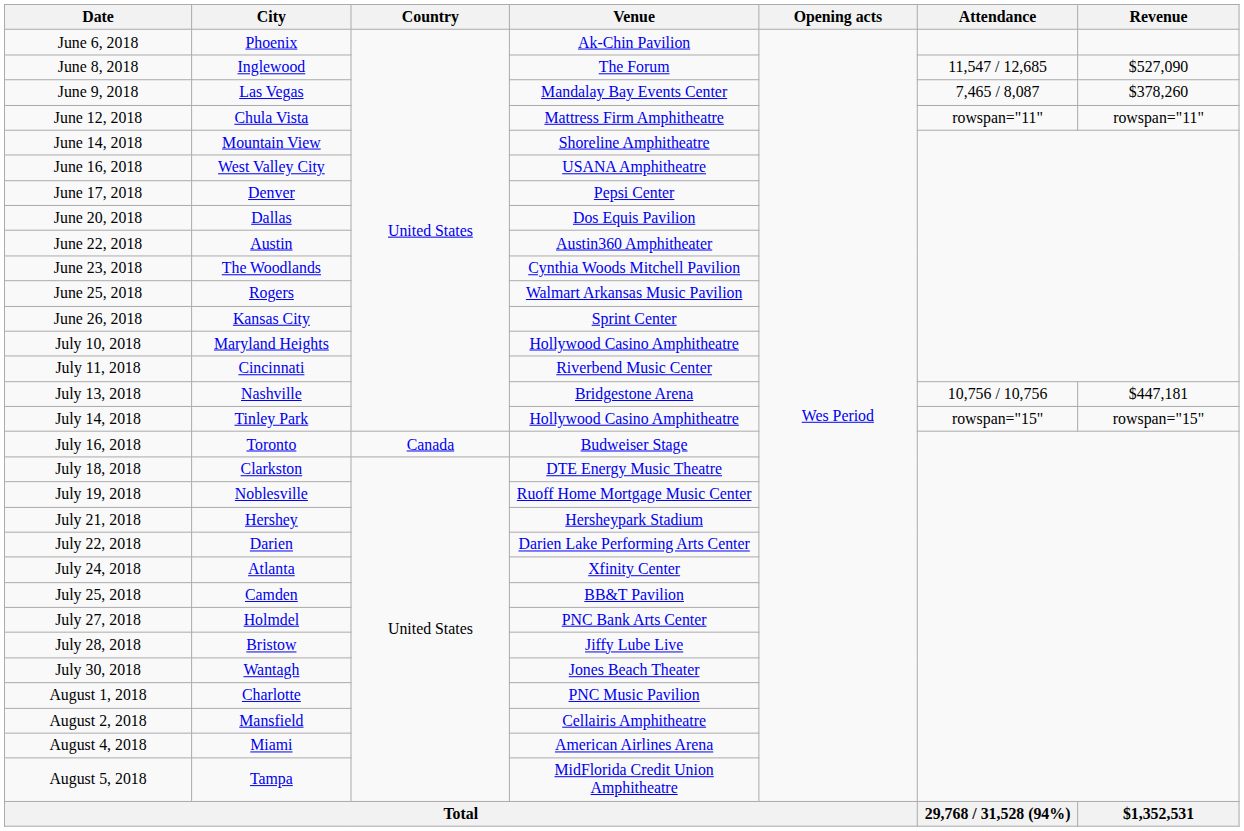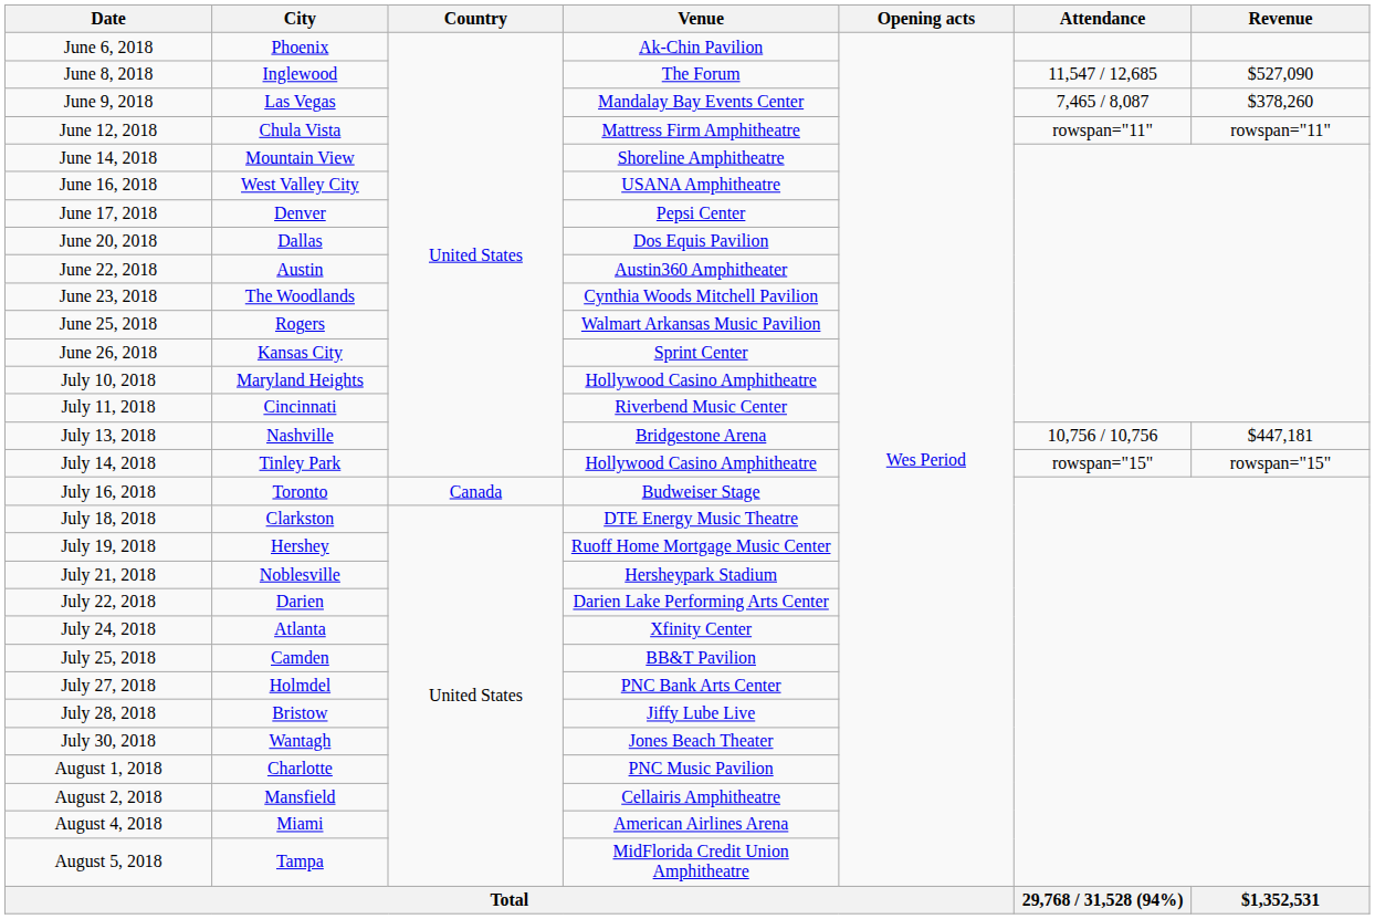 <table class="wikitable" style="text-align:center;">
 <tr>
 <th scope="col" style="width:12em;">Date</th>
 <th scope="col" style="width:10em;">City</th>
 <th scope="col" style="width:10em;">Country</th>
 <th scope="col" style="width:16em;">Venue</th>
 <th scope="col" style="width:10em;">Opening acts</th>
 <th scope="col" style="width:10em;">Attendance</th>
 <th scope="col" style="width:10em;">Revenue</th>
 </tr>
 <tr>
 <td>June 6, 2018</td>
 <td><a href='#'>Phoenix</a></td>
 <td rowspan="16"><a href='#'>United States</a></td>
 <td><a href='#'>Ak-Chin Pavilion</a></td>
 <td rowspan="30"><a href='#'>Wes Period</a></td>
 <td></td>
 <td></td>
 </tr>
 <tr>
 <td>June 8, 2018</td>
 <td><a href='#'>Inglewood</a></td>
 <td><a href='#'>The Forum</a></td>
 <td>11,547 / 12,685</td>
 <td>$527,090</td>
 </tr>
 <tr>
 <td>June 9, 2018</td>
 <td><a href='#'>Las Vegas</a></td>
 <td><a href='#'>Mandalay Bay Events Center</a></td>
 <td>7,465 / 8,087</td>
 <td>$378,260</td>
 </tr>
 <tr>
 <td>June 12, 2018</td>
 <td><a href='#'>Chula Vista</a></td>
 <td><a href='#'>Mattress Firm Amphitheatre</a></td>
 <td>rowspan="11" </td>
 <td>rowspan="11" </td>
 </tr>
 <tr>
 <td>June 14, 2018</td>
 <td><a href='#'>Mountain View</a></td>
 <td><a href='#'>Shoreline Amphitheatre</a></td>
 </tr>
 <tr>
 <td>June 16, 2018</td>
 <td><a href='#'>West Valley City</a></td>
 <td><a href='#'>USANA Amphitheatre</a></td>
 </tr>
 <tr>
 <td>June 17, 2018</td>
 <td><a href='#'>Denver</a></td>
 <td><a href='#'>Pepsi Center</a></td>
 </tr>
 <tr>
 <td>June 20, 2018</td>
 <td><a href='#'>Dallas</a></td>
 <td><a href='#'>Dos Equis Pavilion</a></td>
 </tr>
 <tr>
 <td>June 22, 2018</td>
 <td><a href='#'>Austin</a></td>
 <td><a href='#'>Austin360 Amphitheater</a></td>
 </tr>
 <tr>
 <td>June 23, 2018</td>
 <td><a href='#'>The Woodlands</a></td>
 <td><a href='#'>Cynthia Woods Mitchell Pavilion</a></td>
 </tr>
 <tr>
 <td>June 25, 2018</td>
 <td><a href='#'>Rogers</a></td>
 <td><a href='#'>Walmart Arkansas Music Pavilion</a></td>
 </tr>
 <tr>
 <td>June 26, 2018</td>
 <td><a href='#'>Kansas City</a></td>
 <td><a href='#'>Sprint Center</a></td>
 </tr>
 <tr>
 <td>July 10, 2018</td>
 <td><a href='#'>Maryland Heights</a></td>
 <td><a href='#'>Hollywood Casino Amphitheatre</a></td>
 </tr>
 <tr>
 <td>July 11, 2018</td>
 <td><a href='#'>Cincinnati</a></td>
 <td><a href='#'>Riverbend Music Center</a></td>
 </tr>
 <tr>
 <td>July 13, 2018</td>
 <td><a href='#'>Nashville</a></td>
 <td><a href='#'>Bridgestone Arena</a></td>
 <td>10,756 / 10,756</td>
 <td>$447,181</td>
 </tr>
 <tr>
 <td>July 14, 2018</td>
 <td><a href='#'>Tinley Park</a></td>
 <td><a href='#'>Hollywood Casino Amphitheatre</a></td>
 <td>rowspan="15" </td>
 <td>rowspan="15" </td>
 </tr>
 <tr>
 <td>July 16, 2018</td>
 <td><a href='#'>Toronto</a></td>
 <td><a href='#'>Canada</a></td>
 <td><a href='#'>Budweiser Stage</a></td>
 </tr>
 <tr>
 <td>July 18, 2018</td>
 <td><a href='#'>Clarkston</a></td>
 <td rowspan="13">United States</td>
 <td><a href='#'>DTE Energy Music Theatre</a></td>
 </tr>
 <tr>
 <td>July 19, 2018</td>
-<td><a href='#'>Noblesville</a></td>
+<td><a href='#'>Hershey</a></td>
 <td><a href='#'>Ruoff Home Mortgage Music Center</a></td>
 </tr>
 <tr>
 <td>July 21, 2018</td>
-<td><a href='#'>Hershey</a></td>
+<td><a href='#'>Noblesville</a></td>
 <td><a href='#'>Hersheypark Stadium</a></td>
 </tr>
 <tr>
 <td>July 22, 2018</td>
 <td><a href='#'>Darien</a></td>
 <td><a href='#'>Darien Lake Performing Arts Center</a></td>
 </tr>
 <tr>
 <td>July 24, 2018</td>
 <td><a href='#'>Atlanta</a></td>
 <td><a href='#'>Xfinity Center</a></td>
 </tr>
 <tr>
 <td>July 25, 2018</td>
 <td><a href='#'>Camden</a></td>
 <td><a href='#'>BB&T Pavilion</a></td>
 </tr>
 <tr>
 <td>July 27, 2018</td>
 <td><a href='#'>Holmdel</a></td>
 <td><a href='#'>PNC Bank Arts Center</a></td>
 </tr>
 <tr>
 <td>July 28, 2018</td>
 <td><a href='#'>Bristow</a></td>
 <td><a href='#'>Jiffy Lube Live</a></td>
 </tr>
 <tr>
 <td>July 30, 2018</td>
 <td><a href='#'>Wantagh</a></td>
 <td><a href='#'>Jones Beach Theater</a></td>
 </tr>
 <tr>
 <td>August 1, 2018</td>
 <td><a href='#'>Charlotte</a></td>
 <td><a href='#'>PNC Music Pavilion</a></td>
 </tr>
 <tr>
 <td>August 2, 2018</td>
 <td><a href='#'>Mansfield</a></td>
 <td><a href='#'>Cellairis Amphitheatre</a></td>
 </tr>
 <tr>
 <td>August 4, 2018</td>
 <td><a href='#'>Miami</a></td>
 <td><a href='#'>American Airlines Arena</a></td>
 </tr>
 <tr>
 <td>August 5, 2018</td>
 <td><a href='#'>Tampa</a></td>
 <td><a href='#'>MidFlorida Credit Union Amphitheatre</a></td>
 </tr>
 <tr>
 <th colspan="5">Total</th>
 <th>29,768 / 31,528 (94%)</th>
 <th>$1,352,531</th>
 </tr>
 </table>
